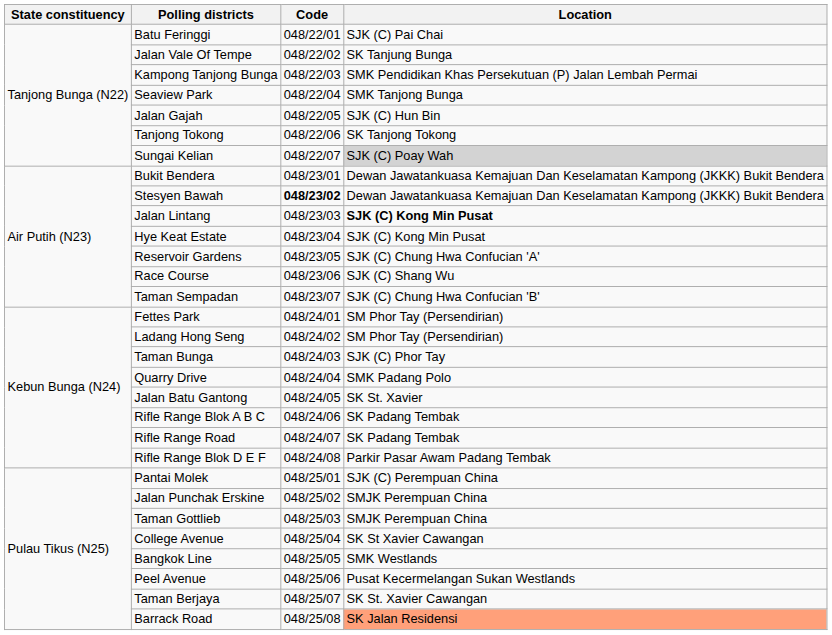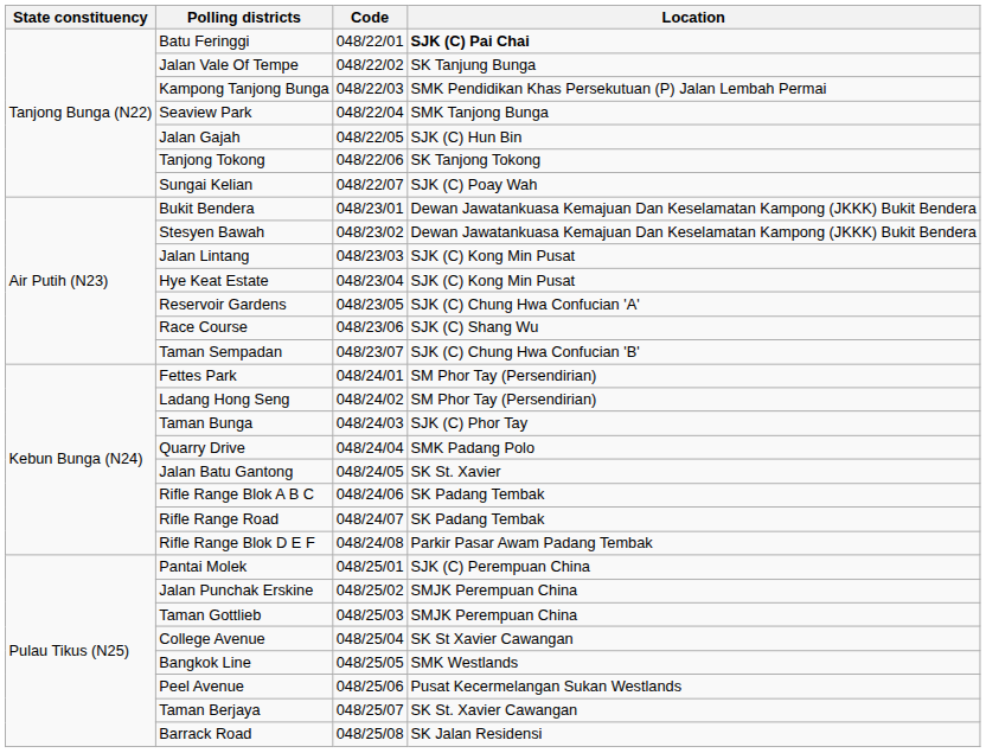 <table class="wikitable sortable mw-collapsible" style="white-space:nowrap;font-size:85%">
 <tr>
 <th>State constituency</th>
 <th>Polling districts</th>
 <th>Code</th>
 <th>Location</th>
 </tr>
 <tr>
 <td rowspan="7">Tanjong Bunga (N22)</td>
 <td>Batu Feringgi</td>
 <td>048/22/01</td>
-<td>SJK (C) Pai Chai</td>
+<td><strong>SJK (C) Pai Chai</strong></td>
 </tr>
 <tr>
 <td>Jalan Vale Of Tempe</td>
 <td>048/22/02</td>
 <td>SK Tanjung Bunga</td>
 </tr>
 <tr>
 <td>Kampong Tanjong Bunga</td>
 <td>048/22/03</td>
 <td>SMK Pendidikan Khas Persekutuan (P) Jalan Lembah Permai</td>
 </tr>
 <tr>
 <td>Seaview Park</td>
 <td>048/22/04</td>
 <td>SMK Tanjong Bunga</td>
 </tr>
 <tr>
 <td>Jalan Gajah</td>
 <td>048/22/05</td>
 <td>SJK (C) Hun Bin</td>
 </tr>
 <tr>
 <td>Tanjong Tokong</td>
 <td>048/22/06</td>
 <td>SK Tanjong Tokong</td>
 </tr>
 <tr>
 <td>Sungai Kelian</td>
 <td>048/22/07</td>
-<td style="background: lightgrey;">SJK (C) Poay Wah</td>
+<td>SJK (C) Poay Wah</td>
 </tr>
 <tr>
 <td rowspan="7">Air Putih (N23)</td>
 <td>Bukit Bendera</td>
 <td>048/23/01</td>
 <td>Dewan Jawatankuasa Kemajuan Dan Keselamatan Kampong (JKKK) Bukit Bendera</td>
 </tr>
 <tr>
 <td>Stesyen Bawah</td>
-<td><strong>048/23/02</strong></td>
+<td>048/23/02</td>
 <td>Dewan Jawatankuasa Kemajuan Dan Keselamatan Kampong (JKKK) Bukit Bendera</td>
 </tr>
 <tr>
 <td>Jalan Lintang</td>
 <td>048/23/03</td>
-<td><strong>SJK (C) Kong Min Pusat</strong></td>
+<td>SJK (C) Kong Min Pusat</td>
 </tr>
 <tr>
 <td>Hye Keat Estate</td>
 <td>048/23/04</td>
 <td>SJK (C) Kong Min Pusat</td>
 </tr>
 <tr>
 <td>Reservoir Gardens</td>
 <td>048/23/05</td>
 <td>SJK (C) Chung Hwa Confucian 'A'</td>
 </tr>
 <tr>
 <td>Race Course</td>
 <td>048/23/06</td>
 <td>SJK (C) Shang Wu</td>
 </tr>
 <tr>
 <td>Taman Sempadan</td>
 <td>048/23/07</td>
 <td>SJK (C) Chung Hwa Confucian 'B'</td>
 </tr>
 <tr>
 <td rowspan="8">Kebun Bunga (N24)</td>
 <td>Fettes Park</td>
 <td>048/24/01</td>
 <td>SM Phor Tay (Persendirian)</td>
 </tr>
 <tr>
 <td>Ladang Hong Seng</td>
 <td>048/24/02</td>
 <td>SM Phor Tay (Persendirian)</td>
 </tr>
 <tr>
 <td>Taman Bunga</td>
 <td>048/24/03</td>
 <td>SJK (C) Phor Tay</td>
 </tr>
 <tr>
 <td>Quarry Drive</td>
 <td>048/24/04</td>
 <td>SMK Padang Polo</td>
 </tr>
 <tr>
 <td>Jalan Batu Gantong</td>
 <td>048/24/05</td>
 <td>SK St. Xavier</td>
 </tr>
 <tr>
 <td>Rifle Range Blok A B C</td>
 <td>048/24/06</td>
 <td>SK Padang Tembak</td>
 </tr>
 <tr>
 <td>Rifle Range Road</td>
 <td>048/24/07</td>
 <td>SK Padang Tembak</td>
 </tr>
 <tr>
 <td>Rifle Range Blok D E F</td>
 <td>048/24/08</td>
 <td>Parkir Pasar Awam Padang Tembak</td>
 </tr>
 <tr>
 <td rowspan="8">Pulau Tikus (N25)</td>
 <td>Pantai Molek</td>
 <td>048/25/01</td>
 <td>SJK (C) Perempuan China</td>
 </tr>
 <tr>
 <td>Jalan Punchak Erskine</td>
 <td>048/25/02</td>
 <td>SMJK Perempuan China</td>
 </tr>
 <tr>
 <td>Taman Gottlieb</td>
 <td>048/25/03</td>
 <td>SMJK Perempuan China</td>
 </tr>
 <tr>
 <td>College Avenue</td>
 <td>048/25/04</td>
 <td>SK St Xavier Cawangan</td>
 </tr>
 <tr>
 <td>Bangkok Line</td>
 <td>048/25/05</td>
 <td>SMK Westlands</td>
 </tr>
 <tr>
 <td>Peel Avenue</td>
 <td>048/25/06</td>
 <td>Pusat Kecermelangan Sukan Westlands</td>
 </tr>
 <tr>
 <td>Taman Berjaya</td>
 <td>048/25/07</td>
 <td>SK St. Xavier Cawangan</td>
 </tr>
 <tr>
 <td>Barrack Road</td>
 <td>048/25/08</td>
-<td style="background: lightsalmon;">SK Jalan Residensi</td>
+<td>SK Jalan Residensi</td>
 </tr>
 </table>
